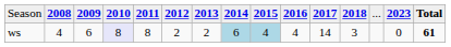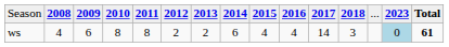 <table class="wikitable sortable">
 <tr bgcolor=efefef>
 <td>Season</td>
 <td><a href='#'><strong>2008</strong></a></td>
 <td><a href='#'><strong>2009</strong></a></td>
 <td><a href='#'><strong>2010</strong></a></td>
 <td><a href='#'><strong>2011</strong></a></td>
 <td><a href='#'><strong>2012</strong></a></td>
 <td><a href='#'><strong>2013</strong></a></td>
 <td><a href='#'><strong>2014</strong></a></td>
 <td><a href='#'><strong>2015</strong></a></td>
 <td><a href='#'><strong>2016</strong></a></td>
 <td><a href='#'><strong>2017</strong></a></td>
 <td><a href='#'><strong>2018</strong></a></td>
 <td>...</td>
 <td><a href='#'><strong>2023</strong></a></td>
 <td><strong>Total</strong></td>
 </tr>
 <tr align=center>
 <td align=left>ws</td>
 <td>4</td>
 <td>6</td>
-<td style="background: lavender;">8</td>
+<td>8</td>
 <td>8</td>
 <td>2</td>
 <td>2</td>
-<td style="background: lightblue;">6</td>
-<td style="background: lightblue;">4</td>
+<td>6</td>
+<td>4</td>
 <td>4</td>
 <td>14</td>
 <td>3</td>
 <td></td>
-<td>0</td>
+<td style="background: lightblue;">0</td>
 <td><strong>61</strong></td>
 </tr>
 </table>
